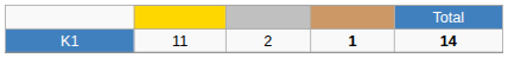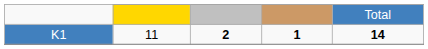 <table class="wikitable"  style="font-size:95%; text-align:center; border:gray solid 1px; width:40%;">
 <tr>
 <td rowspan="2" style="width:3%;"></td>
 </tr>
 <tr>
 <td style="width:2%;" bgcolor=gold></td>
 <td style="width:2%;" bgcolor=silver></td>
 <td style="width:2%;" bgcolor=cc9966></td>
 <td style="width:2%; background-color:#4180be; color:white;">Total</td>
 </tr>
 <tr>
 <td style="background-color:#4180be; color:white;">K1</td>
 <td>11</td>
-<td>2</td>
+<td><strong>2</strong></td>
 <td><strong>1</strong></td>
 <td><strong>14</strong></td>
 </tr>
 <tr>
 </tr>
 </table>
